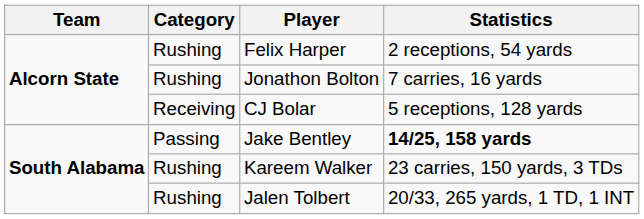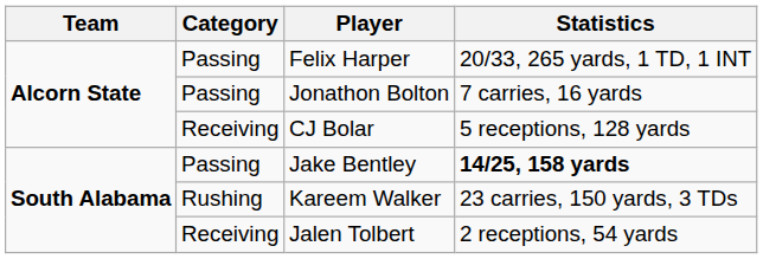 <table class="wikitable" style="float: left;">
 <tr>
 <th>Team</th>
 <th>Category</th>
 <th>Player</th>
 <th>Statistics</th>
 </tr>
 <tr>
 <td rowspan=3><strong>Alcorn State</strong></td>
-<td>Rushing</td>
+<td>Passing</td>
 <td>Felix Harper</td>
-<td>2 receptions, 54 yards</td>
+<td>20/33, 265 yards, 1 TD, 1 INT</td>
 </tr>
 <tr>
-<td>Rushing</td>
+<td>Passing</td>
 <td>Jonathon Bolton</td>
 <td>7 carries, 16 yards</td>
 </tr>
 <tr>
 <td>Receiving</td>
 <td>CJ Bolar</td>
 <td>5 receptions, 128 yards</td>
 </tr>
 <tr>
 <td rowspan=3><strong>South Alabama</strong></td>
 <td>Passing</td>
 <td>Jake Bentley</td>
 <td><strong>14/25, 158 yards</strong></td>
 </tr>
 <tr>
 <td>Rushing</td>
 <td>Kareem Walker</td>
 <td>23 carries, 150 yards, 3 TDs</td>
 </tr>
 <tr>
-<td>Rushing</td>
+<td>Receiving</td>
 <td>Jalen Tolbert</td>
-<td>20/33, 265 yards, 1 TD, 1 INT</td>
+<td>2 receptions, 54 yards</td>
 </tr>
 </table>
